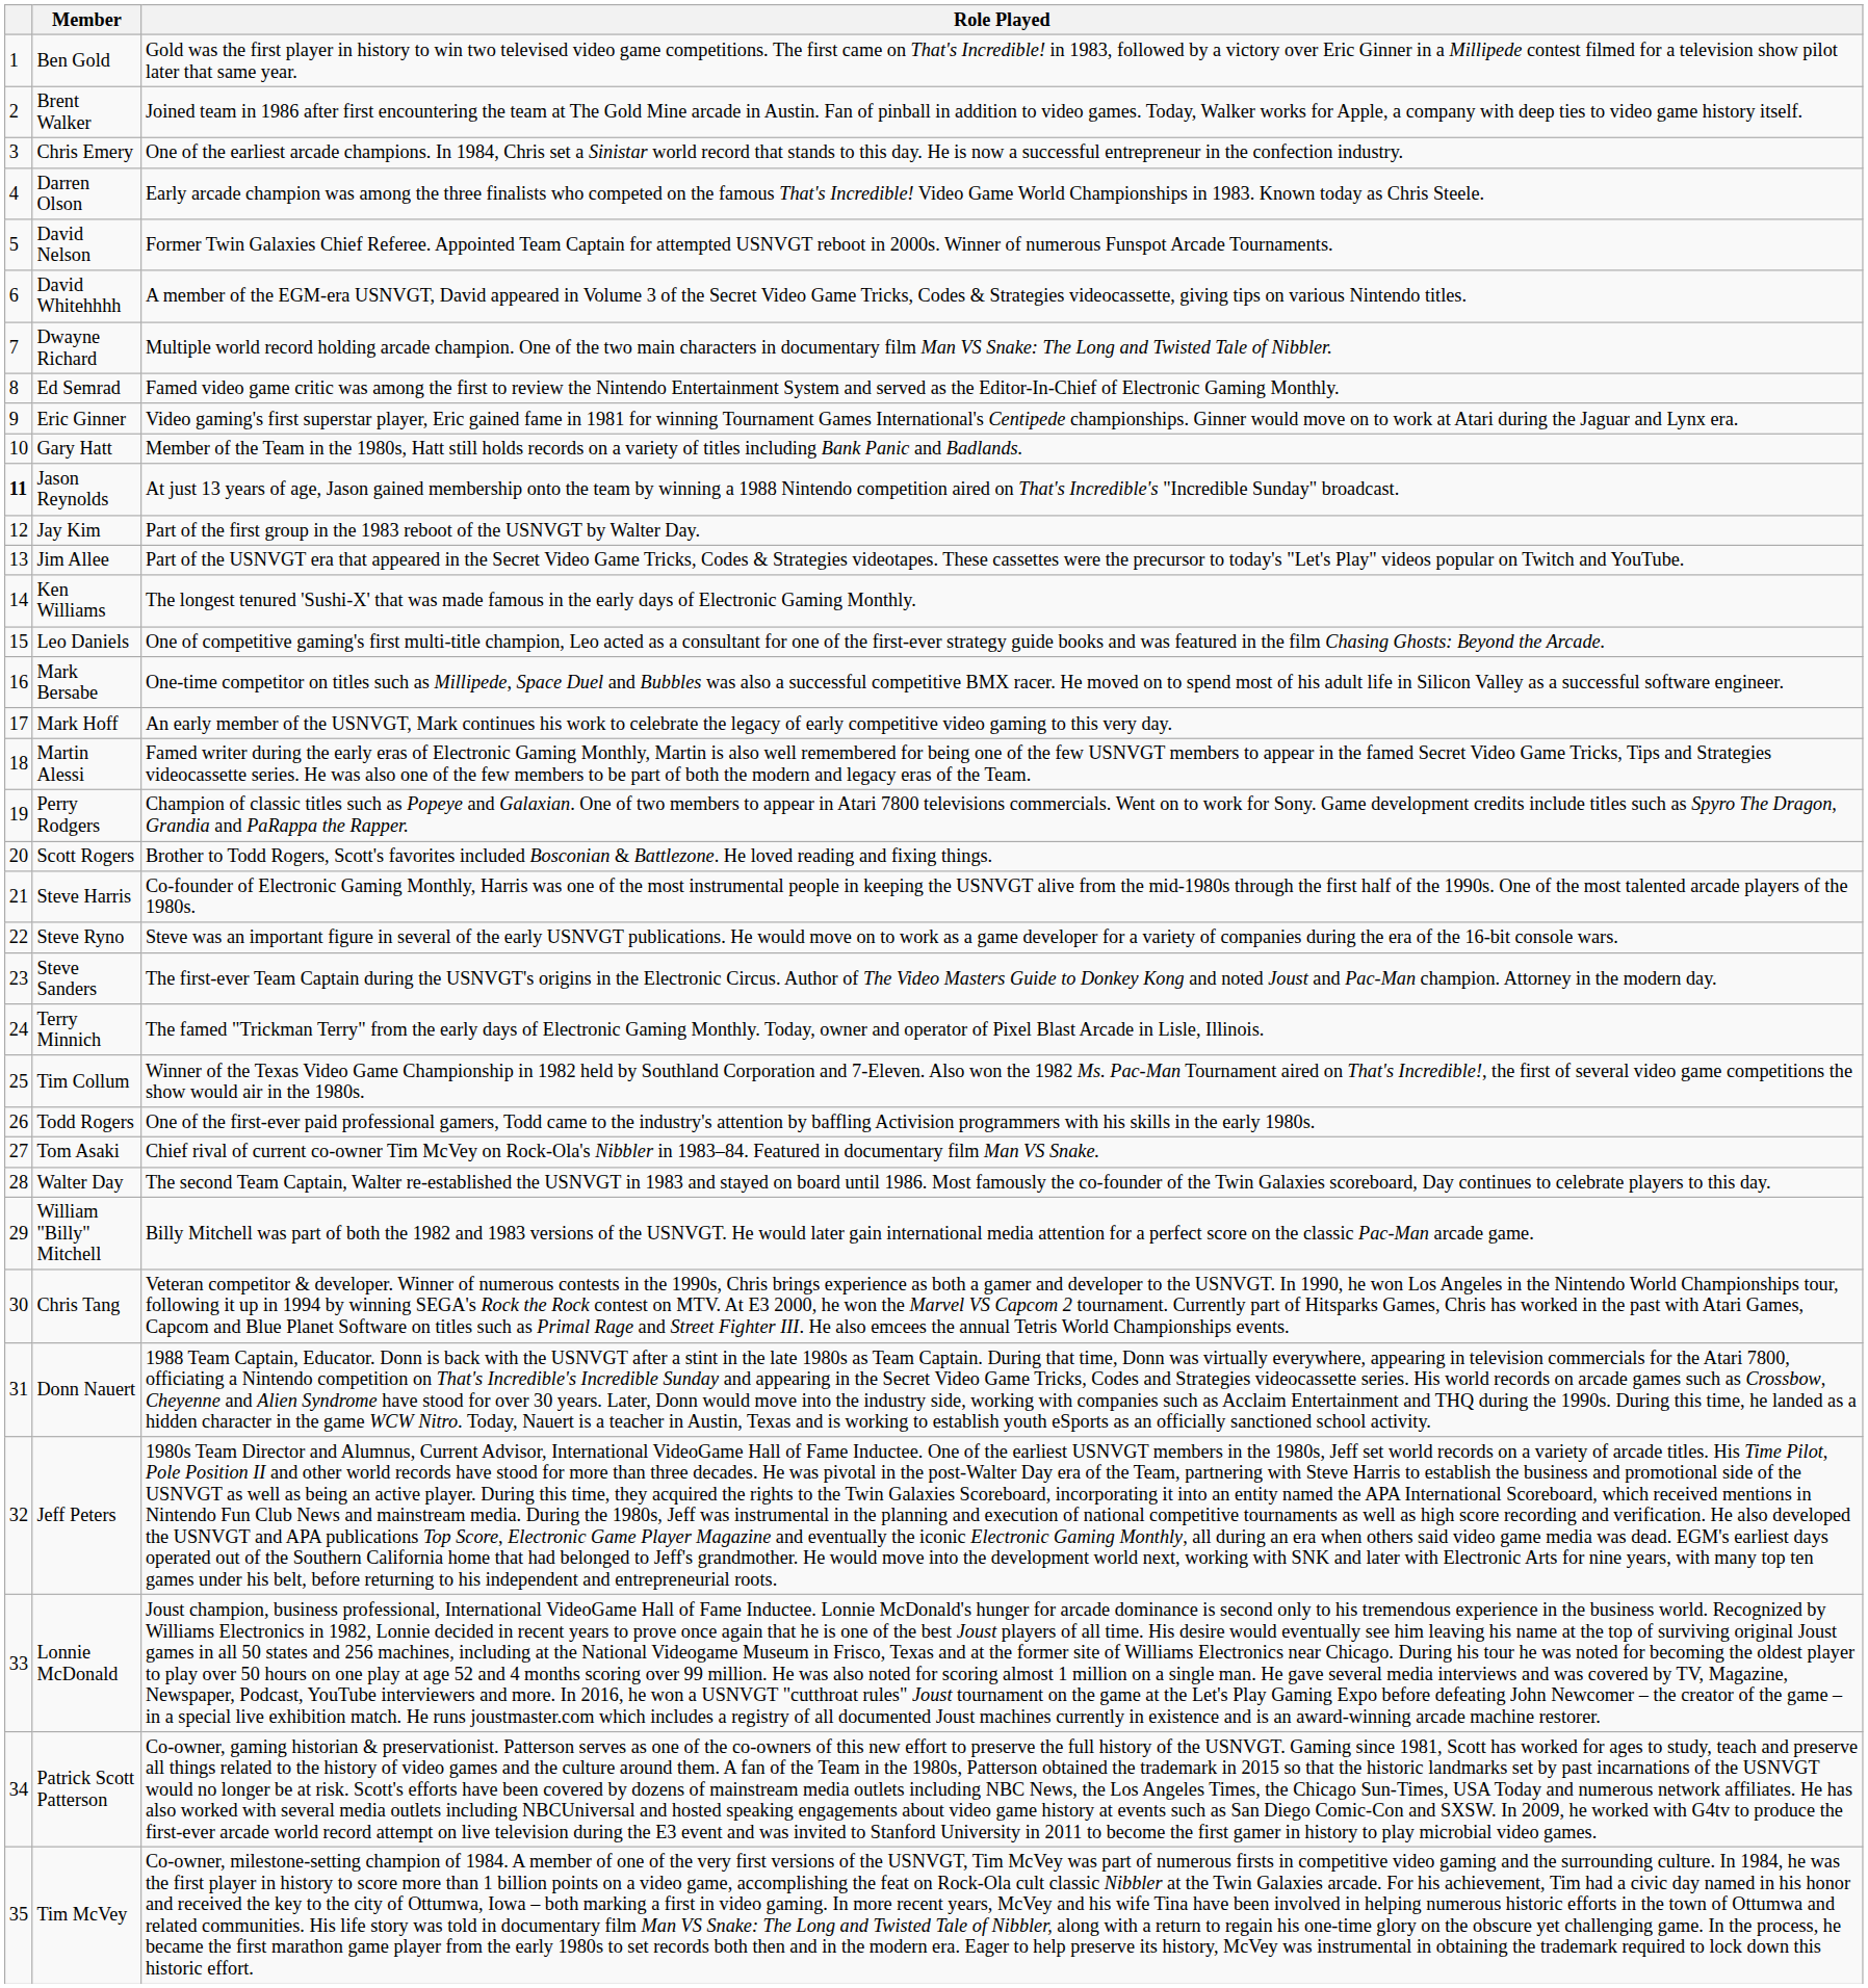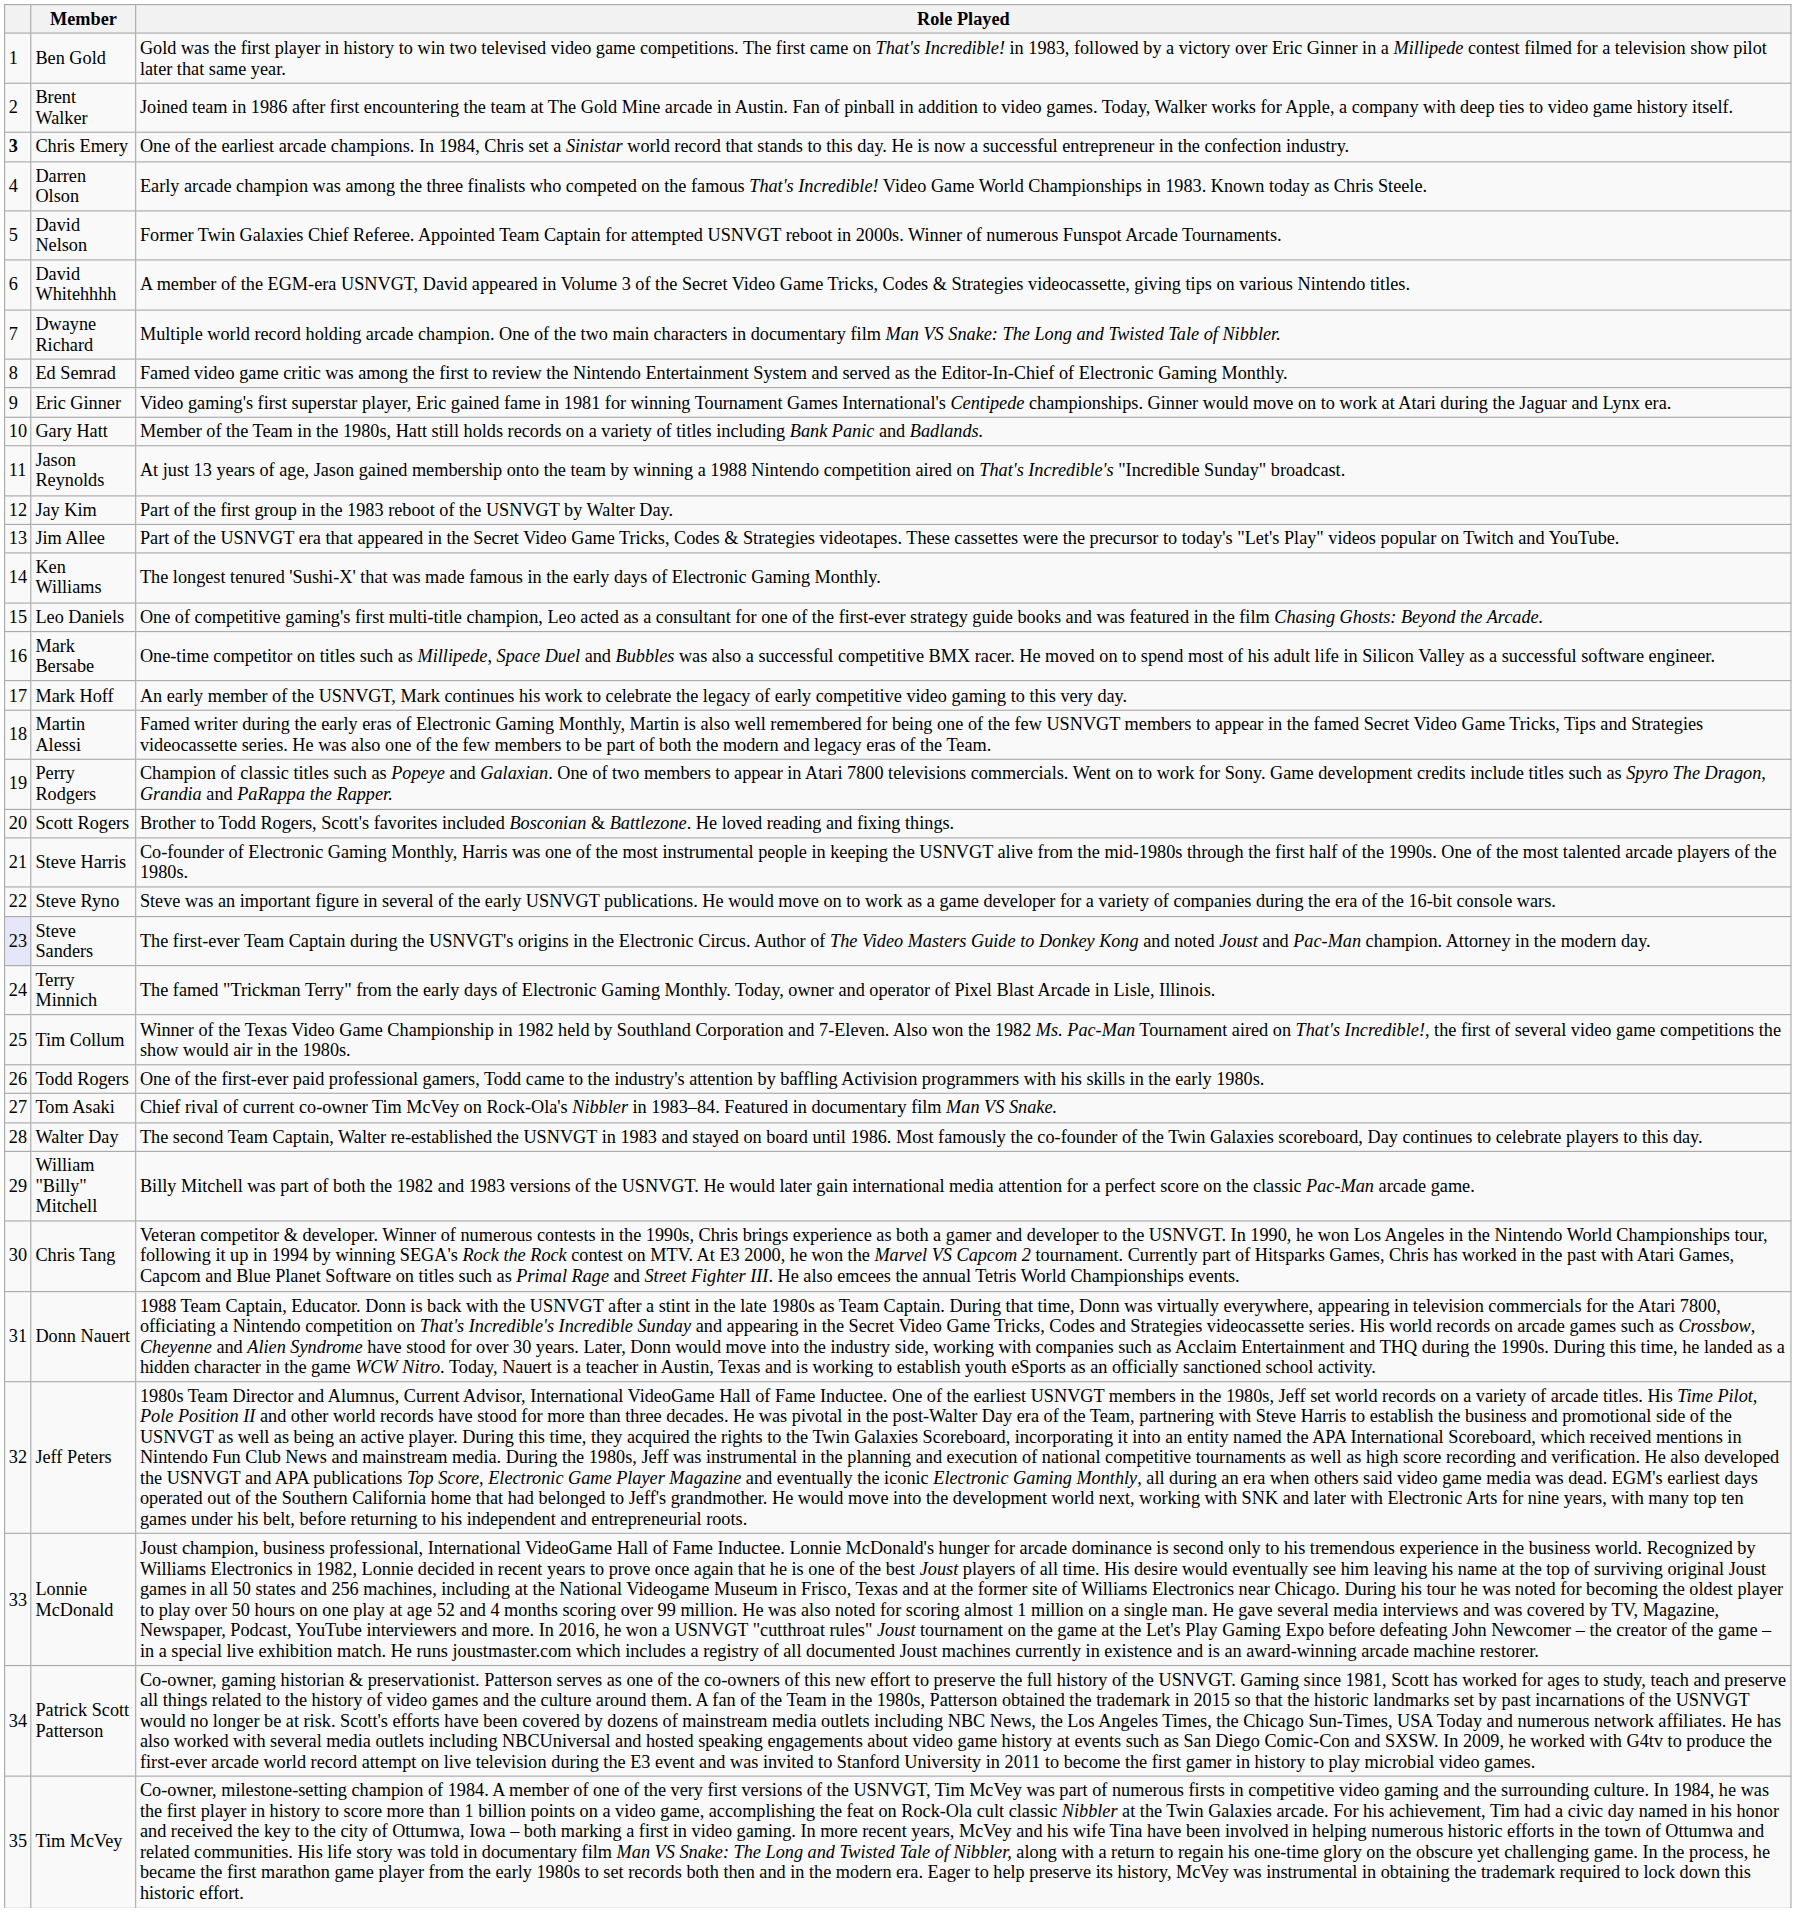 <table class="wikitable sortable">
 <tr>
 <th></th>
 <th>Member</th>
 <th>Role Played</th>
 </tr>
 <tr>
 <td>1</td>
 <td>Ben Gold</td>
 <td>Gold was the first player in history to win two televised video game competitions. The first came on <em>That's Incredible!</em> in 1983, followed by a victory over Eric Ginner in a <em>Millipede</em> contest filmed for a television show pilot later that same year.</td>
 </tr>
 <tr>
 <td>2</td>
 <td>Brent Walker</td>
 <td>Joined team in 1986 after first encountering the team at The Gold Mine arcade in Austin. Fan of pinball in addition to video games. Today, Walker works for Apple, a company with deep ties to video game history itself.</td>
 </tr>
 <tr>
-<td>3</td>
+<td><strong>3</strong></td>
 <td>Chris Emery</td>
 <td>One of the earliest arcade champions. In 1984, Chris set a <em>Sinistar</em> world record that stands to this day. He is now a successful entrepreneur in the confection industry.</td>
 </tr>
 <tr>
 <td>4</td>
 <td>Darren Olson</td>
 <td>Early arcade champion was among the three finalists who competed on the famous <em>That's Incredible!</em> Video Game World Championships in 1983. Known today as Chris Steele.</td>
 </tr>
 <tr>
 <td>5</td>
 <td>David Nelson</td>
 <td>Former Twin Galaxies Chief Referee. Appointed Team Captain for attempted USNVGT reboot in 2000s. Winner of numerous Funspot Arcade Tournaments.</td>
 </tr>
 <tr>
 <td>6</td>
 <td>David Whitehhhh</td>
 <td>A member of the EGM-era USNVGT, David appeared in Volume 3 of the Secret Video Game Tricks, Codes & Strategies videocassette, giving tips on various Nintendo titles.</td>
 </tr>
 <tr>
 <td>7</td>
 <td>Dwayne Richard</td>
 <td>Multiple world record holding arcade champion. One of the two main characters in documentary film <em>Man VS Snake: The Long and Twisted Tale of Nibbler.</em></td>
 </tr>
 <tr>
 <td>8</td>
 <td>Ed Semrad</td>
 <td>Famed video game critic was among the first to review the Nintendo Entertainment System and served as the Editor-In-Chief of Electronic Gaming Monthly.</td>
 </tr>
 <tr>
 <td>9</td>
 <td>Eric Ginner</td>
 <td>Video gaming's first superstar player, Eric gained fame in 1981 for winning Tournament Games International's <em>Centipede</em> championships. Ginner would move on to work at Atari during the Jaguar and Lynx era.</td>
 </tr>
 <tr>
 <td>10</td>
 <td>Gary Hatt</td>
 <td>Member of the Team in the 1980s, Hatt still holds records on a variety of titles including <em>Bank Panic</em> and <em>Badlands.</em></td>
 </tr>
 <tr>
-<td><strong>11</strong></td>
+<td>11</td>
 <td>Jason Reynolds</td>
 <td>At just 13 years of age, Jason gained membership onto the team by winning a 1988 Nintendo competition aired on <em>That's Incredible's</em> "Incredible Sunday" broadcast.</td>
 </tr>
 <tr>
 <td>12</td>
 <td>Jay Kim</td>
 <td>Part of the first group in the 1983 reboot of the USNVGT by Walter Day.</td>
 </tr>
 <tr>
 <td>13</td>
 <td>Jim Allee</td>
 <td>Part of the USNVGT era that appeared in the Secret Video Game Tricks, Codes & Strategies videotapes. These cassettes were the precursor to today's "Let's Play" videos popular on Twitch and YouTube.</td>
 </tr>
 <tr>
 <td>14</td>
 <td>Ken Williams</td>
 <td>The longest tenured 'Sushi-X' that was made famous in the early days of Electronic Gaming Monthly.</td>
 </tr>
 <tr>
 <td>15</td>
 <td>Leo Daniels</td>
 <td>One of competitive gaming's first multi-title champion, Leo acted as a consultant for one of the first-ever strategy guide books and was featured in the film <em>Chasing Ghosts: Beyond the Arcade.</em></td>
 </tr>
 <tr>
 <td>16</td>
 <td>Mark Bersabe</td>
 <td>One-time competitor on titles such as <em>Millipede</em>, <em>Space Duel</em> and <em>Bubbles</em> was also a successful competitive BMX racer. He moved on to spend most of his adult life in Silicon Valley as a successful software engineer.</td>
 </tr>
 <tr>
 <td>17</td>
 <td>Mark Hoff</td>
 <td>An early member of the USNVGT, Mark continues his work to celebrate the legacy of early competitive video gaming to this very day.</td>
 </tr>
 <tr>
 <td>18</td>
 <td>Martin Alessi</td>
 <td>Famed writer during the early eras of Electronic Gaming Monthly, Martin is also well remembered for being one of the few USNVGT members to appear in the famed Secret Video Game Tricks, Tips and Strategies videocassette series. He was also one of the few members to be part of both the modern and legacy eras of the Team.</td>
 </tr>
 <tr>
 <td>19</td>
 <td>Perry Rodgers</td>
 <td>Champion of classic titles such as <em>Popeye</em> and <em>Galaxian</em>. One of two members to appear in Atari 7800 televisions commercials. Went on to work for Sony. Game development credits include titles such as <em>Spyro The Dragon</em>, <em>Grandia</em> and <em>PaRappa the Rapper.</em></td>
 </tr>
 <tr>
 <td>20</td>
 <td>Scott Rogers</td>
 <td>Brother to Todd Rogers, Scott's favorites included <em>Bosconian</em> & <em>Battlezone</em>. He loved reading and fixing things.</td>
 </tr>
 <tr>
 <td>21</td>
 <td>Steve Harris</td>
 <td>Co-founder of Electronic Gaming Monthly, Harris was one of the most instrumental people in keeping the USNVGT alive from the mid-1980s through the first half of the 1990s. One of the most talented arcade players of the 1980s.</td>
 </tr>
 <tr>
 <td>22</td>
 <td>Steve Ryno</td>
 <td>Steve was an important figure in several of the early USNVGT publications. He would move on to work as a game developer for a variety of companies during the era of the 16-bit console wars.</td>
 </tr>
 <tr>
-<td>23</td>
+<td style="background: lavender;">23</td>
 <td>Steve Sanders</td>
 <td>The first-ever Team Captain during the USNVGT's origins in the Electronic Circus. Author of <em>The Video Masters Guide to Donkey Kong</em> and noted <em>Joust</em> and <em>Pac-Man</em> champion. Attorney in the modern day.</td>
 </tr>
 <tr>
 <td>24</td>
 <td>Terry Minnich</td>
 <td>The famed "Trickman Terry" from the early days of Electronic Gaming Monthly. Today, owner and operator of Pixel Blast Arcade in Lisle, Illinois.</td>
 </tr>
 <tr>
 <td>25</td>
 <td>Tim Collum</td>
 <td>Winner of the Texas Video Game Championship in 1982 held by Southland Corporation and 7-Eleven. Also won the 1982 <em>Ms. Pac-Man</em> Tournament aired on <em>That's Incredible!</em>, the first of several video game competitions the show would air in the 1980s.</td>
 </tr>
 <tr>
 <td>26</td>
 <td>Todd Rogers</td>
 <td>One of the first-ever paid professional gamers, Todd came to the industry's attention by baffling Activision programmers with his skills in the early 1980s.</td>
 </tr>
 <tr>
 <td>27</td>
 <td>Tom Asaki</td>
 <td>Chief rival of current co-owner Tim McVey on Rock-Ola's <em>Nibbler</em> in 1983–84. Featured in documentary film <em>Man VS Snake.</em></td>
 </tr>
 <tr>
 <td>28</td>
 <td>Walter Day</td>
 <td>The second Team Captain, Walter re-established the USNVGT in 1983 and stayed on board until 1986. Most famously the co-founder of the Twin Galaxies scoreboard, Day continues to celebrate players to this day.</td>
 </tr>
 <tr>
 <td>29</td>
 <td>William "Billy" Mitchell</td>
 <td>Billy Mitchell was part of both the 1982 and 1983 versions of the USNVGT. He would later gain international media attention for a perfect score on the classic <em>Pac-Man</em> arcade game.</td>
 </tr>
 <tr>
 <td>30</td>
 <td>Chris Tang</td>
 <td>Veteran competitor & developer. Winner of numerous contests in the 1990s, Chris brings experience as both a gamer and developer to the USNVGT. In 1990, he won Los Angeles in the Nintendo World Championships tour, following it up in 1994 by winning SEGA's <em>Rock the Rock</em> contest on MTV. At E3 2000, he won the <em>Marvel VS Capcom 2</em> tournament. Currently part of Hitsparks Games, Chris has worked in the past with Atari Games, Capcom and Blue Planet Software on titles such as <em>Primal Rage</em> and <em>Street Fighter III</em>. He also emcees the annual Tetris World Championships events.</td>
 </tr>
 <tr>
 <td>31</td>
 <td>Donn Nauert</td>
 <td>1988 Team Captain, Educator. Donn is back with the USNVGT after a stint in the late 1980s as Team Captain. During that time, Donn was virtually everywhere, appearing in television commercials for the Atari 7800, officiating a Nintendo competition on <em>That's Incredible's Incredible Sunday</em> and appearing in the Secret Video Game Tricks, Codes and Strategies videocassette series. His world records on arcade games such as <em>Crossbow</em>, <em>Cheyenne</em> and <em>Alien Syndrome</em> have stood for over 30 years. Later, Donn would move into the industry side, working with companies such as Acclaim Entertainment and THQ during the 1990s. During this time, he landed as a hidden character in the game <em>WCW Nitro</em>. Today, Nauert is a teacher in Austin, Texas and is working to establish youth eSports as an officially sanctioned school activity.</td>
 </tr>
 <tr>
 <td>32</td>
 <td>Jeff Peters</td>
 <td>1980s Team Director and Alumnus, Current Advisor, International VideoGame Hall of Fame Inductee. One of the earliest USNVGT members in the 1980s, Jeff set world records on a variety of arcade titles. His <em>Time Pilot</em>, <em>Pole Position II</em> and other world records have stood for more than three decades. He was pivotal in the post-Walter Day era of the Team, partnering with Steve Harris to establish the business and promotional side of the USNVGT as well as being an active player. During this time, they acquired the rights to the Twin Galaxies Scoreboard, incorporating it into an entity named the APA International Scoreboard, which received mentions in Nintendo Fun Club News and mainstream media. During the 1980s, Jeff was instrumental in the planning and execution of national competitive tournaments as well as high score recording and verification. He also developed the USNVGT and APA publications <em>Top Score</em>, <em>Electronic Game Player Magazine</em> and eventually the iconic <em>Electronic Gaming Monthly</em>, all during an era when others said video game media was dead. EGM's earliest days operated out of the Southern California home that had belonged to Jeff's grandmother. He would move into the development world next, working with SNK and later with Electronic Arts for nine years, with many top ten games under his belt, before returning to his independent and entrepreneurial roots.</td>
 </tr>
 <tr>
 <td>33</td>
 <td>Lonnie McDonald</td>
 <td>Joust champion, business professional, International VideoGame Hall of Fame Inductee. Lonnie McDonald's hunger for arcade dominance is second only to his tremendous experience in the business world. Recognized by Williams Electronics in 1982, Lonnie decided in recent years to prove once again that he is one of the best <em>Joust</em> players of all time. His desire would eventually see him leaving his name at the top of surviving original Joust games in all 50 states and 256 machines, including at the National Videogame Museum in Frisco, Texas and at the former site of Williams Electronics near Chicago. During his tour he was noted for becoming the oldest player to play over 50 hours on one play at age 52 and 4 months scoring over 99 million. He was also noted for scoring almost 1 million on a single man. He gave several media interviews and was covered by TV, Magazine, Newspaper, Podcast, YouTube interviewers and more. In 2016, he won a USNVGT "cutthroat rules" <em>Joust</em> tournament on the game at the Let's Play Gaming Expo before defeating John Newcomer – the creator of the game – in a special live exhibition match. He runs joustmaster.com which includes a registry of all documented Joust machines currently in existence and is an award-winning arcade machine restorer.</td>
 </tr>
 <tr>
 <td>34</td>
 <td>Patrick Scott Patterson</td>
 <td>Co-owner, gaming historian & preservationist. Patterson serves as one of the co-owners of this new effort to preserve the full history of the USNVGT. Gaming since 1981, Scott has worked for ages to study, teach and preserve all things related to the history of video games and the culture around them. A fan of the Team in the 1980s, Patterson obtained the trademark in 2015 so that the historic landmarks set by past incarnations of the USNVGT would no longer be at risk. Scott's efforts have been covered by dozens of mainstream media outlets including NBC News, the Los Angeles Times, the Chicago Sun-Times, USA Today and numerous network affiliates. He has also worked with several media outlets including NBCUniversal and hosted speaking engagements about video game history at events such as San Diego Comic-Con and SXSW. In 2009, he worked with G4tv to produce the first-ever arcade world record attempt on live television during the E3 event and was invited to Stanford University in 2011 to become the first gamer in history to play microbial video games.</td>
 </tr>
 <tr>
 <td>35</td>
 <td>Tim McVey</td>
 <td>Co-owner, milestone-setting champion of 1984. A member of one of the very first versions of the USNVGT, Tim McVey was part of numerous firsts in competitive video gaming and the surrounding culture. In 1984, he was the first player in history to score more than 1 billion points on a video game, accomplishing the feat on Rock-Ola cult classic <em>Nibbler</em> at the Twin Galaxies arcade. For his achievement, Tim had a civic day named in his honor and received the key to the city of Ottumwa, Iowa – both marking a first in video gaming. In more recent years, McVey and his wife Tina have been involved in helping numerous historic efforts in the town of Ottumwa and related communities. His life story was told in documentary film <em>Man VS Snake: The Long and Twisted Tale of Nibbler,</em> along with a return to regain his one-time glory on the obscure yet challenging game. In the process, he became the first marathon game player from the early 1980s to set records both then and in the modern era. Eager to help preserve its history, McVey was instrumental in obtaining the trademark required to lock down this historic effort.</td>
 </tr>
 </table>
